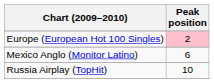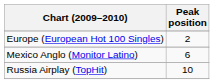 <table class="wikitable sortable">
 <tr>
 <th>Chart (2009–2010)</th>
 <th>Peak<br>position</th>
 </tr>
 <tr>
 </tr>
 <tr>
 </tr>
 <tr>
 </tr>
 <tr>
 </tr>
 <tr>
 </tr>
 <tr>
 </tr>
 <tr>
 </tr>
 <tr>
 </tr>
 <tr>
 <td>Europe (<a href='#'>European Hot 100 Singles</a>)</td>
-<td align="center" style="background: pink;">2</td>
+<td align="center">2</td>
 </tr>
 <tr>
 </tr>
 <tr>
 </tr>
 <tr>
 </tr>
 <tr>
 </tr>
 <tr>
 </tr>
 <tr>
 <td>Mexico Anglo (<a href='#'>Monitor Latino</a>)</td>
 <td style="text-align:center;">6</td>
 </tr>
 <tr>
 </tr>
 <tr>
 </tr>
 <tr>
 </tr>
 <tr>
 </tr>
 <tr>
 <td>Russia Airplay (<a href='#'>TopHit</a>)</td>
 <td style="text-align:center;">10</td>
 </tr>
 <tr>
 </tr>
 <tr>
 </tr>
 <tr>
 </tr>
 <tr>
 </tr>
 <tr>
 </tr>
 <tr>
 </tr>
 <tr>
 </tr>
 <tr>
 </tr>
 <tr>
 </tr>
 <tr>
 </tr>
 <tr>
 </tr>
 <tr>
 </tr>
 </table>
